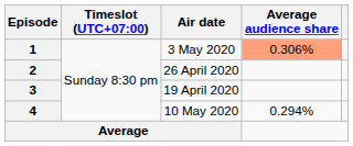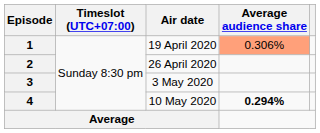 <table class="wikitable">
 <tr>
 <th>Episode<br></th>
 <th>Timeslot<br>(<a href='#'>UTC+07:00</a>)</th>
 <th>Air date</th>
 <th>Average<br><a href='#'>audience share</a></th>
 <th></th>
 </tr>
 <tr>
 <th style="text-align: center;">1</th>
 <td style="text-align: center;" rowspan="4">Sunday 8:30 pm</td>
-<td style="text-align: center;">3 May 2020</td>
+<td style="text-align: center;">19 April 2020</td>
 <td style="background: lightsalmon; text-align: center;">0.306%</td>
 <td style="text-align: center;"></td>
 </tr>
 <tr>
 <th style="text-align: center;">2</th>
 <td style="text-align: center;">26 April 2020</td>
 <td style="text-align: center;"></td>
 <td style="text-align: center;"></td>
 </tr>
 <tr>
 <th style="text-align: center;">3</th>
-<td style="text-align: center;">19 April 2020</td>
+<td style="text-align: center;">3 May 2020</td>
 <td style="text-align: center;"></td>
 <td style="text-align: center;"></td>
 </tr>
 <tr>
 <th style="text-align: center;">4</th>
 <td style="text-align: center;">10 May 2020</td>
-<td style="text-align: center;">0.294%</td>
+<td style="text-align: center;"><strong>0.294%</strong></td>
 <td style="text-align: center;"></td>
 </tr>
 <tr>
 <th colspan="3" style="text-align: center;">Average</th>
 <td colspan="2" style="text-align: center;"> </td>
 </tr>
 </table>
